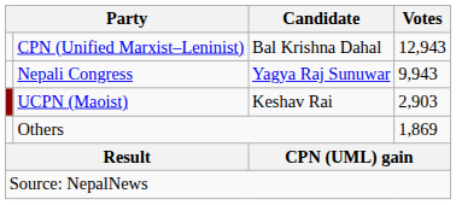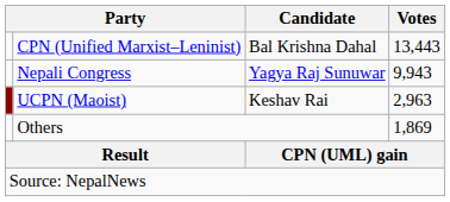 <table class="wikitable">
 <tr>
 <th colspan="2">Party</th>
 <th>Candidate</th>
 <th>Votes</th>
 </tr>
 <tr>
 <td style="background-color:"></td>
 <td><a href='#'>CPN (Unified Marxist–Leninist)</a></td>
 <td>Bal Krishna Dahal</td>
-<td>12,943</td>
+<td>13,443</td>
 </tr>
 <tr>
 <td style="background-color:"></td>
 <td><a href='#'>Nepali Congress</a></td>
 <td><a href='#'>Yagya Raj Sunuwar</a></td>
 <td>9,943</td>
 </tr>
 <tr>
 <td style="background-color:darkred"></td>
 <td><a href='#'>UCPN (Maoist)</a></td>
 <td>Keshav Rai</td>
-<td>2,903</td>
+<td>2,963</td>
 </tr>
 <tr>
 <td></td>
 <td colspan="2">Others</td>
 <td>1,869</td>
 </tr>
 <tr>
 <th colspan="2">Result</th>
 <th colspan="2">CPN (UML) gain</th>
 </tr>
 <tr>
 <td colspan="4">Source: NepalNews</td>
 </tr>
 </table>
